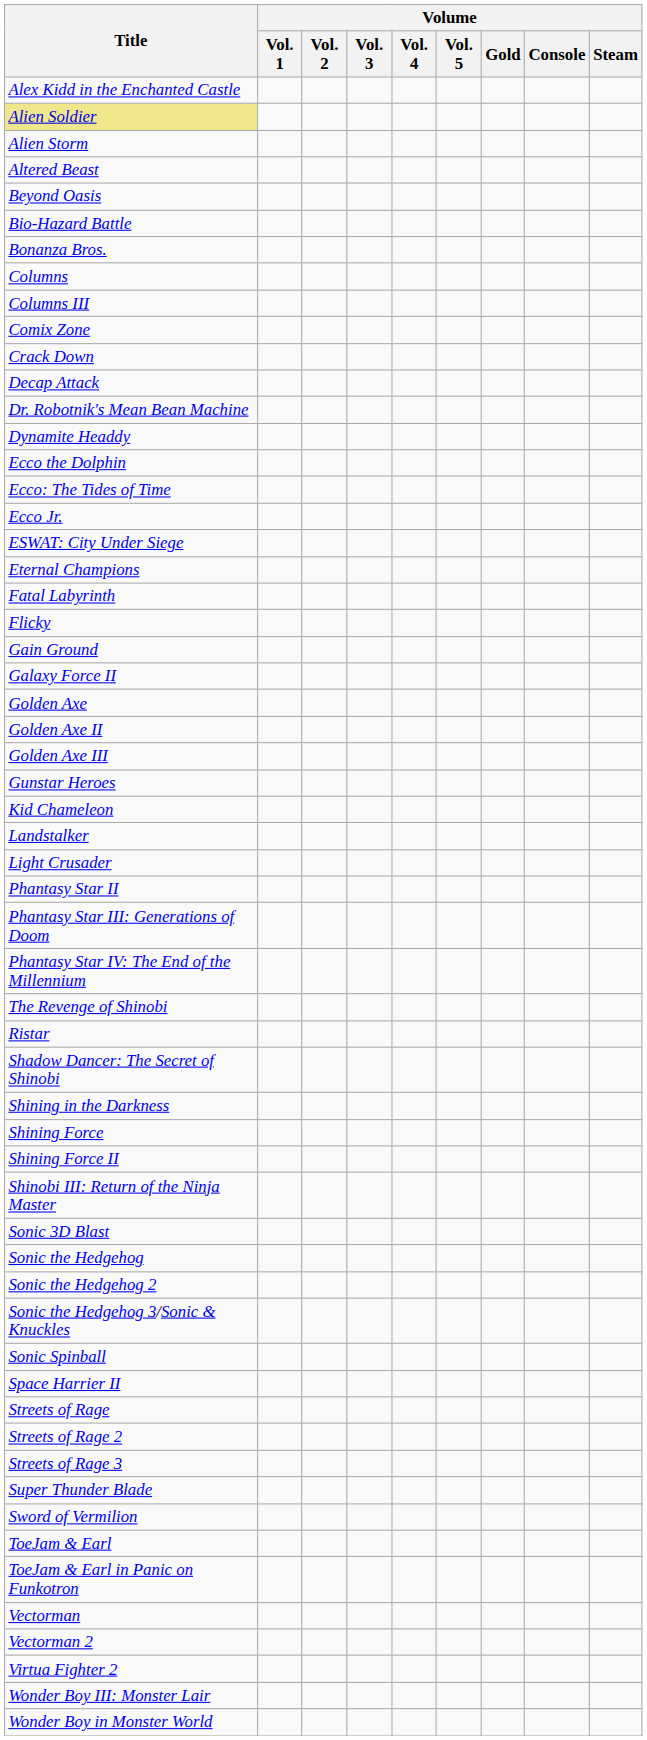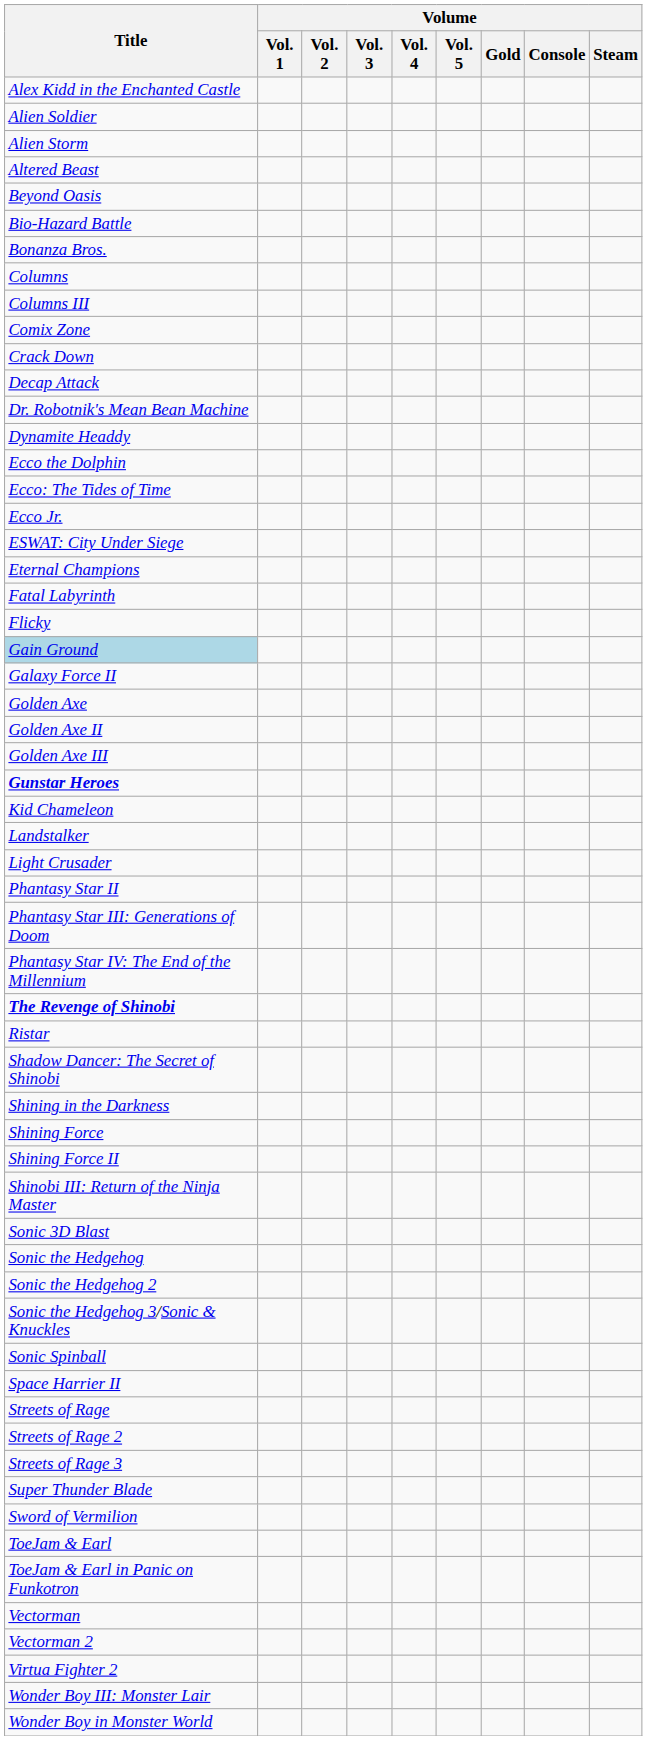 <table class="wikitable sortable">
 <tr>
 <th rowspan="2">Title</th>
 <th colspan="8">Volume</th>
 </tr>
 <tr>
 <th>Vol. 1</th>
 <th>Vol. 2</th>
 <th>Vol. 3</th>
 <th>Vol. 4</th>
 <th>Vol. 5</th>
 <th>Gold</th>
 <th>Console</th>
 <th>Steam</th>
 </tr>
 <tr>
 <td><em><a href='#'>Alex Kidd in the Enchanted Castle</a></em></td>
 <td></td>
 <td></td>
 <td></td>
 <td></td>
 <td></td>
 <td></td>
 <td></td>
 <td></td>
 </tr>
 <tr>
-<td style="background: khaki;"><em><a href='#'>Alien Soldier</a></em></td>
+<td><em><a href='#'>Alien Soldier</a></em></td>
 <td></td>
 <td></td>
 <td></td>
 <td></td>
 <td></td>
 <td></td>
 <td></td>
 <td></td>
 </tr>
 <tr>
 <td><em><a href='#'>Alien Storm</a></em></td>
 <td></td>
 <td></td>
 <td></td>
 <td></td>
 <td></td>
 <td></td>
 <td></td>
 <td></td>
 </tr>
 <tr>
 <td><em><a href='#'>Altered Beast</a></em></td>
 <td></td>
 <td></td>
 <td></td>
 <td></td>
 <td></td>
 <td></td>
 <td></td>
 <td></td>
 </tr>
 <tr>
 <td><em><a href='#'>Beyond Oasis</a></em></td>
 <td></td>
 <td></td>
 <td></td>
 <td></td>
 <td></td>
 <td></td>
 <td></td>
 <td></td>
 </tr>
 <tr>
 <td><em><a href='#'>Bio-Hazard Battle</a></em></td>
 <td></td>
 <td></td>
 <td></td>
 <td></td>
 <td></td>
 <td></td>
 <td></td>
 <td></td>
 </tr>
 <tr>
 <td><em><a href='#'>Bonanza Bros.</a></em></td>
 <td></td>
 <td></td>
 <td></td>
 <td></td>
 <td></td>
 <td></td>
 <td></td>
 <td></td>
 </tr>
 <tr>
 <td><em><a href='#'>Columns</a></em></td>
 <td></td>
 <td></td>
 <td></td>
 <td></td>
 <td></td>
 <td></td>
 <td></td>
 <td></td>
 </tr>
 <tr>
 <td><em><a href='#'>Columns III</a></em></td>
 <td></td>
 <td></td>
 <td></td>
 <td></td>
 <td></td>
 <td></td>
 <td></td>
 <td></td>
 </tr>
 <tr>
 <td><em><a href='#'>Comix Zone</a></em></td>
 <td></td>
 <td></td>
 <td></td>
 <td></td>
 <td></td>
 <td></td>
 <td></td>
 <td></td>
 </tr>
 <tr>
 <td><em><a href='#'>Crack Down</a></em></td>
 <td></td>
 <td></td>
 <td></td>
 <td></td>
 <td></td>
 <td></td>
 <td></td>
 <td></td>
 </tr>
 <tr>
 <td><em><a href='#'>Decap Attack</a></em></td>
 <td></td>
 <td></td>
 <td></td>
 <td></td>
 <td></td>
 <td></td>
 <td></td>
 <td></td>
 </tr>
 <tr>
 <td><em><a href='#'>Dr. Robotnik's Mean Bean Machine</a></em></td>
 <td></td>
 <td></td>
 <td></td>
 <td></td>
 <td></td>
 <td></td>
 <td></td>
 <td></td>
 </tr>
 <tr>
 <td><em><a href='#'>Dynamite Headdy</a></em></td>
 <td></td>
 <td></td>
 <td></td>
 <td></td>
 <td></td>
 <td></td>
 <td></td>
 <td></td>
 </tr>
 <tr>
 <td><em><a href='#'>Ecco the Dolphin</a></em></td>
 <td></td>
 <td></td>
 <td></td>
 <td></td>
 <td></td>
 <td></td>
 <td></td>
 <td></td>
 </tr>
 <tr>
 <td><em><a href='#'>Ecco: The Tides of Time</a></em></td>
 <td></td>
 <td></td>
 <td></td>
 <td></td>
 <td></td>
 <td></td>
 <td></td>
 <td></td>
 </tr>
 <tr>
 <td><em><a href='#'>Ecco Jr.</a></em></td>
 <td></td>
 <td></td>
 <td></td>
 <td></td>
 <td></td>
 <td></td>
 <td></td>
 <td></td>
 </tr>
 <tr>
 <td><em><a href='#'>ESWAT: City Under Siege</a></em></td>
 <td></td>
 <td></td>
 <td></td>
 <td></td>
 <td></td>
 <td></td>
 <td></td>
 <td></td>
 </tr>
 <tr>
 <td><em><a href='#'>Eternal Champions</a></em></td>
 <td></td>
 <td></td>
 <td></td>
 <td></td>
 <td></td>
 <td></td>
 <td></td>
 <td></td>
 </tr>
 <tr>
 <td><em><a href='#'>Fatal Labyrinth</a></em></td>
 <td></td>
 <td></td>
 <td></td>
 <td></td>
 <td></td>
 <td></td>
 <td></td>
 <td></td>
 </tr>
 <tr>
 <td><em><a href='#'>Flicky</a></em></td>
 <td></td>
 <td></td>
 <td></td>
 <td></td>
 <td></td>
 <td></td>
 <td></td>
 <td></td>
 </tr>
 <tr>
-<td><em><a href='#'>Gain Ground</a></em></td>
+<td style="background: lightblue;"><em><a href='#'>Gain Ground</a></em></td>
 <td></td>
 <td></td>
 <td></td>
 <td></td>
 <td></td>
 <td></td>
 <td></td>
 <td></td>
 </tr>
 <tr>
 <td><em><a href='#'>Galaxy Force II</a></em></td>
 <td></td>
 <td></td>
 <td></td>
 <td></td>
 <td></td>
 <td></td>
 <td></td>
 <td></td>
 </tr>
 <tr>
 <td><em><a href='#'>Golden Axe</a></em></td>
 <td></td>
 <td></td>
 <td></td>
 <td></td>
 <td></td>
 <td></td>
 <td></td>
 <td></td>
 </tr>
 <tr>
 <td><em><a href='#'>Golden Axe II</a></em></td>
 <td></td>
 <td></td>
 <td></td>
 <td></td>
 <td></td>
 <td></td>
 <td></td>
 <td></td>
 </tr>
 <tr>
 <td><em><a href='#'>Golden Axe III</a></em></td>
 <td></td>
 <td></td>
 <td></td>
 <td></td>
 <td></td>
 <td></td>
 <td></td>
 <td></td>
 </tr>
 <tr>
-<td><em><a href='#'>Gunstar Heroes</a></em></td>
+<td><strong><em><a href='#'>Gunstar Heroes</a></em></strong></td>
 <td></td>
 <td></td>
 <td></td>
 <td></td>
 <td></td>
 <td></td>
 <td></td>
 <td></td>
 </tr>
 <tr>
 <td><em><a href='#'>Kid Chameleon</a></em></td>
 <td></td>
 <td></td>
 <td></td>
 <td></td>
 <td></td>
 <td></td>
 <td></td>
 <td></td>
 </tr>
 <tr>
 <td><em><a href='#'>Landstalker</a></em></td>
 <td></td>
 <td></td>
 <td></td>
 <td></td>
 <td></td>
 <td></td>
 <td></td>
 <td></td>
 </tr>
 <tr>
 <td><em><a href='#'>Light Crusader</a></em></td>
 <td></td>
 <td></td>
 <td></td>
 <td></td>
 <td></td>
 <td></td>
 <td></td>
 <td></td>
 </tr>
 <tr>
 <td><em><a href='#'>Phantasy Star II</a></em></td>
 <td></td>
 <td></td>
 <td></td>
 <td></td>
 <td></td>
 <td></td>
 <td></td>
 <td></td>
 </tr>
 <tr>
 <td><em><a href='#'>Phantasy Star III: Generations of Doom</a></em></td>
 <td></td>
 <td></td>
 <td></td>
 <td></td>
 <td></td>
 <td></td>
 <td></td>
 <td></td>
 </tr>
 <tr>
 <td><em><a href='#'>Phantasy Star IV: The End of the Millennium</a></em></td>
 <td></td>
 <td></td>
 <td></td>
 <td></td>
 <td></td>
 <td></td>
 <td></td>
 <td></td>
 </tr>
 <tr>
-<td><em><a href='#'>The Revenge of Shinobi</a></em></td>
+<td><strong><em><a href='#'>The Revenge of Shinobi</a></em></strong></td>
 <td></td>
 <td></td>
 <td></td>
 <td></td>
 <td></td>
 <td></td>
 <td></td>
 <td></td>
 </tr>
 <tr>
 <td><em><a href='#'>Ristar</a></em></td>
 <td></td>
 <td></td>
 <td></td>
 <td></td>
 <td></td>
 <td></td>
 <td></td>
 <td></td>
 </tr>
 <tr>
 <td><em><a href='#'>Shadow Dancer: The Secret of Shinobi</a></em></td>
 <td></td>
 <td></td>
 <td></td>
 <td></td>
 <td></td>
 <td></td>
 <td></td>
 <td></td>
 </tr>
 <tr>
 <td><em><a href='#'>Shining in the Darkness</a></em></td>
 <td></td>
 <td></td>
 <td></td>
 <td></td>
 <td></td>
 <td></td>
 <td></td>
 <td></td>
 </tr>
 <tr>
 <td><em><a href='#'>Shining Force</a></em></td>
 <td></td>
 <td></td>
 <td></td>
 <td></td>
 <td></td>
 <td></td>
 <td></td>
 <td></td>
 </tr>
 <tr>
 <td><em><a href='#'>Shining Force II</a></em></td>
 <td></td>
 <td></td>
 <td></td>
 <td></td>
 <td></td>
 <td></td>
 <td></td>
 <td></td>
 </tr>
 <tr>
 <td><em><a href='#'>Shinobi III: Return of the Ninja Master</a></em></td>
 <td></td>
 <td></td>
 <td></td>
 <td></td>
 <td></td>
 <td></td>
 <td></td>
 <td></td>
 </tr>
 <tr>
 <td><em><a href='#'>Sonic 3D Blast</a></em></td>
 <td></td>
 <td></td>
 <td></td>
 <td></td>
 <td></td>
 <td></td>
 <td></td>
 <td></td>
 </tr>
 <tr>
 <td><em><a href='#'>Sonic the Hedgehog</a></em></td>
 <td></td>
 <td></td>
 <td></td>
 <td></td>
 <td></td>
 <td></td>
 <td></td>
 <td></td>
 </tr>
 <tr>
 <td><em><a href='#'>Sonic the Hedgehog 2</a></em></td>
 <td></td>
 <td></td>
 <td></td>
 <td></td>
 <td></td>
 <td></td>
 <td></td>
 <td></td>
 </tr>
 <tr>
 <td><em><a href='#'>Sonic the Hedgehog 3</a>/<a href='#'>Sonic & Knuckles</a></em></td>
 <td></td>
 <td></td>
 <td></td>
 <td></td>
 <td></td>
 <td></td>
 <td></td>
 <td></td>
 </tr>
 <tr>
 <td><em><a href='#'>Sonic Spinball</a></em></td>
 <td></td>
 <td></td>
 <td></td>
 <td></td>
 <td></td>
 <td></td>
 <td></td>
 <td></td>
 </tr>
 <tr>
 <td><em><a href='#'>Space Harrier II</a></em></td>
 <td></td>
 <td></td>
 <td></td>
 <td></td>
 <td></td>
 <td></td>
 <td></td>
 <td></td>
 </tr>
 <tr>
 <td><em><a href='#'>Streets of Rage</a></em></td>
 <td></td>
 <td></td>
 <td></td>
 <td></td>
 <td></td>
 <td></td>
 <td></td>
 <td></td>
 </tr>
 <tr>
 <td><em><a href='#'>Streets of Rage 2</a></em></td>
 <td></td>
 <td></td>
 <td></td>
 <td></td>
 <td></td>
 <td></td>
 <td></td>
 <td></td>
 </tr>
 <tr>
 <td><em><a href='#'>Streets of Rage 3</a></em></td>
 <td></td>
 <td></td>
 <td></td>
 <td></td>
 <td></td>
 <td></td>
 <td></td>
 <td></td>
 </tr>
 <tr>
 <td><em><a href='#'>Super Thunder Blade</a></em></td>
 <td></td>
 <td></td>
 <td></td>
 <td></td>
 <td></td>
 <td></td>
 <td></td>
 <td></td>
 </tr>
 <tr>
 <td><em><a href='#'>Sword of Vermilion</a></em></td>
 <td></td>
 <td></td>
 <td></td>
 <td></td>
 <td></td>
 <td></td>
 <td></td>
 <td></td>
 </tr>
 <tr>
 <td><em><a href='#'>ToeJam & Earl</a></em></td>
 <td></td>
 <td></td>
 <td></td>
 <td></td>
 <td></td>
 <td></td>
 <td></td>
 <td></td>
 </tr>
 <tr>
 <td><em><a href='#'>ToeJam & Earl in Panic on Funkotron</a></em></td>
 <td></td>
 <td></td>
 <td></td>
 <td></td>
 <td></td>
 <td></td>
 <td></td>
 <td></td>
 </tr>
 <tr>
 <td><em><a href='#'>Vectorman</a></em></td>
 <td></td>
 <td></td>
 <td></td>
 <td></td>
 <td></td>
 <td></td>
 <td></td>
 <td></td>
 </tr>
 <tr>
 <td><em><a href='#'>Vectorman 2</a></em></td>
 <td></td>
 <td></td>
 <td></td>
 <td></td>
 <td></td>
 <td></td>
 <td></td>
 <td></td>
 </tr>
 <tr>
 <td><em><a href='#'>Virtua Fighter 2</a></em></td>
 <td></td>
 <td></td>
 <td></td>
 <td></td>
 <td></td>
 <td></td>
 <td></td>
 <td></td>
 </tr>
 <tr>
 <td><em><a href='#'>Wonder Boy III: Monster Lair</a></em></td>
 <td></td>
 <td></td>
 <td></td>
 <td></td>
 <td></td>
 <td></td>
 <td></td>
 <td></td>
 </tr>
 <tr>
 <td><em><a href='#'>Wonder Boy in Monster World</a></em></td>
 <td></td>
 <td></td>
 <td></td>
 <td></td>
 <td></td>
 <td></td>
 <td></td>
 <td></td>
 </tr>
 </table>
